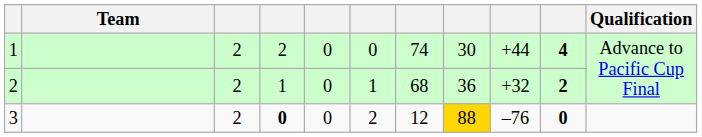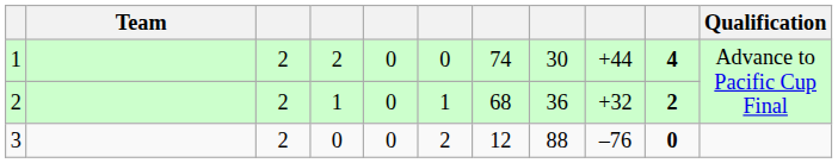 <table class="wikitable" style="text-align:center">
 <tr>
 <th></th>
 <th width="200">Team</th>
 <th width="40"></th>
 <th width="40"></th>
 <th width="40"></th>
 <th width="40"></th>
 <th width="40"></th>
 <th width="40"></th>
 <th width="40"></th>
 <th width="40"></th>
 <th>Qualification</th>
 </tr>
 <tr style="background: #ccffcc;">
 <td>1</td>
 <td style="text-align:left;"></td>
 <td>2</td>
 <td>2</td>
 <td>0</td>
 <td>0</td>
 <td>74</td>
 <td>30</td>
 <td>+44</td>
 <td><strong>4</strong></td>
 <td rowspan=2>Advance to <a href='#'>Pacific Cup Final</a></td>
 </tr>
 <tr style="background: #ccffcc;">
 <td>2</td>
 <td style="text-align:left;"></td>
 <td>2</td>
 <td>1</td>
 <td>0</td>
 <td>1</td>
 <td>68</td>
 <td>36</td>
 <td>+32</td>
 <td><strong>2</strong></td>
 </tr>
 <tr>
 <td>3</td>
 <td style="text-align:left;"></td>
 <td>2</td>
-<td><strong>0</strong></td>
+<td>0</td>
 <td>0</td>
 <td>2</td>
 <td>12</td>
-<td style="background: gold;">88</td>
+<td>88</td>
 <td>–76</td>
 <td><strong>0</strong></td>
 <td></td>
 </tr>
 </table>
